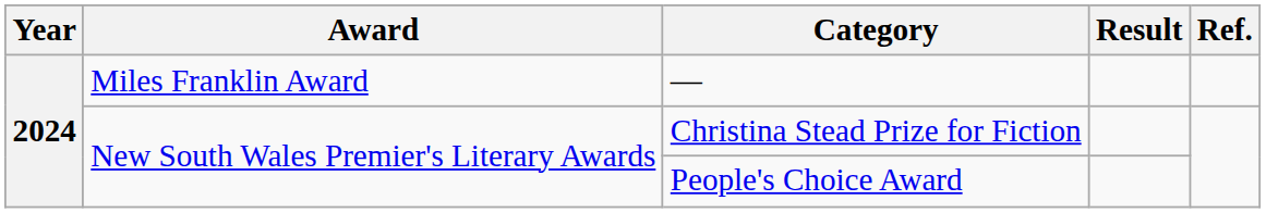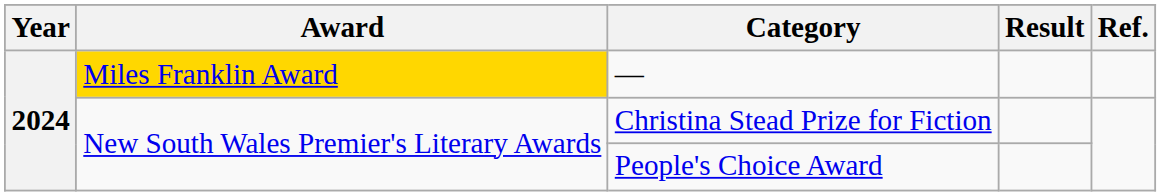 <table class="wikitable sortable">
 <tr>
 <th>Year</th>
 <th>Award</th>
 <th>Category</th>
 <th>Result</th>
 <th>Ref.</th>
 </tr>
 <tr>
 <th rowspan="3">2024</th>
-<td><a href='#'>Miles Franklin Award</a></td>
+<td style="background: gold;"><a href='#'>Miles Franklin Award</a></td>
 <td>—</td>
 <td></td>
 <td></td>
 </tr>
 <tr>
 <td rowspan="2"><a href='#'>New South Wales Premier's Literary Awards</a></td>
 <td><a href='#'>Christina Stead Prize for Fiction</a></td>
 <td></td>
 <td rowspan="2"></td>
 </tr>
 <tr>
 <td><a href='#'>People's Choice Award</a></td>
 <td></td>
 </tr>
 </table>
